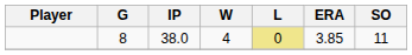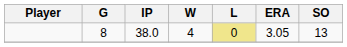 <table class="wikitable sortable">
 <tr>
 <th bgcolor="#DDDDFF" width="16%">Player</th>
 <th bgcolor="#DDDDFF" width="9%">G</th>
 <th bgcolor="#DDDDFF" width="9%">IP</th>
 <th bgcolor="#DDDDFF" width="9%">W</th>
 <th bgcolor="#DDDDFF" width="9%">L</th>
 <th bgcolor="#DDDDFF" width="9%">ERA</th>
 <th bgcolor="#DDDDFF" width="9%">SO</th>
 </tr>
 <tr align="center">
 <td></td>
 <td>8</td>
 <td>38.0</td>
 <td>4</td>
 <td style="background: khaki;">0</td>
-<td>3.85</td>
-<td>11</td>
+<td>3.05</td>
+<td>13</td>
 </tr>
 <tr align="center">
 </tr>
 </table>
